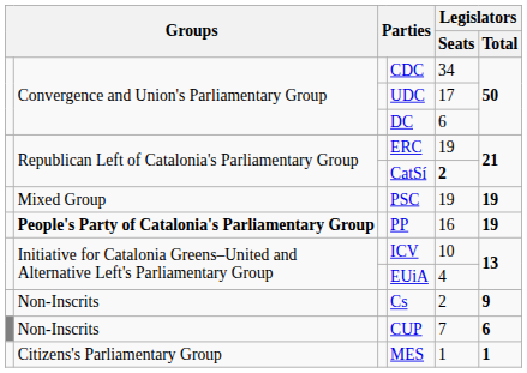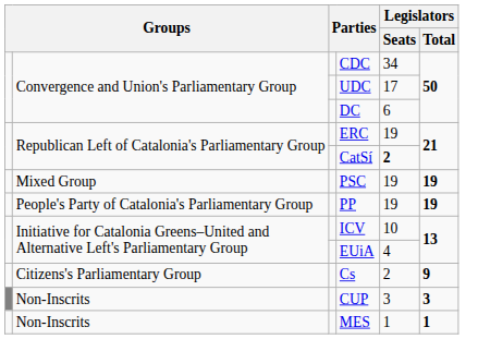 <table class="wikitable" style="text-align:left;">
 <tr>
 <th rowspan="2" colspan="2">Groups</th>
 <th rowspan="2" colspan="2">Parties</th>
 <th colspan="2">Legislators</th>
 </tr>
 <tr>
 <th>Seats</th>
 <th>Total</th>
 </tr>
 <tr>
 <td width="1" rowspan="3"></td>
 <td rowspan="3">Convergence and Union's Parliamentary Group</td>
 <td width="1" style="color:inherit;background:"></td>
 <td align="left"><a href='#'>CDC</a></td>
 <td>34</td>
 <td rowspan="3"><strong>50</strong></td>
 </tr>
 <tr>
 <td style="color:inherit;background:"></td>
 <td align="left"><a href='#'>UDC</a></td>
 <td>17</td>
 </tr>
 <tr>
 <td style="color:inherit;background:"></td>
 <td align="left"><a href='#'>DC</a></td>
 <td>6</td>
 </tr>
 <tr>
 <td rowspan="2" style="color:inherit;background:"></td>
 <td rowspan="2">Republican Left of Catalonia's Parliamentary Group</td>
 <td style="color:inherit;background:"></td>
 <td align="left"><a href='#'>ERC</a></td>
 <td>19</td>
 <td rowspan="2"><strong>21</strong></td>
 </tr>
 <tr>
 <td style="color:inherit;background:"></td>
 <td align="left"><a href='#'>CatSí</a></td>
 <td><strong>2</strong></td>
 </tr>
 <tr>
 <td style="color:inherit;background:"></td>
 <td>Mixed Group</td>
 <td style="color:inherit;background:"></td>
 <td align="left"><a href='#'>PSC</a></td>
 <td>19</td>
 <td><strong>19</strong></td>
 </tr>
 <tr>
 <td style="color:inherit;background:"></td>
-<td><strong>People's Party of Catalonia's Parliamentary Group</strong></td>
+<td>People's Party of Catalonia's Parliamentary Group</td>
 <td style="color:inherit;background:"></td>
 <td align="left"><a href='#'>PP</a></td>
-<td>16</td>
+<td>19</td>
 <td><strong>19</strong></td>
 </tr>
 <tr>
 <td rowspan="2" style="color:inherit;background:"></td>
 <td rowspan="2">Initiative for Catalonia Greens–United and<br>Alternative Left's Parliamentary Group</td>
 <td style="color:inherit;background:"></td>
 <td align="left"><a href='#'>ICV</a></td>
 <td>10</td>
 <td rowspan="2"><strong>13</strong></td>
 </tr>
 <tr>
 <td style="color:inherit;background:"></td>
 <td align="left"><a href='#'>EUiA</a></td>
 <td>4</td>
 </tr>
 <tr>
 <td style="color:inherit;background:"></td>
-<td>Non-Inscrits</td>
+<td>Citizens's Parliamentary Group</td>
 <td style="color:inherit;background:"></td>
 <td align="left"><a href='#'>Cs</a></td>
 <td>2</td>
 <td><strong>9</strong></td>
 </tr>
 <tr>
 <td bgcolor="gray"></td>
 <td>Non-Inscrits</td>
 <td style="color:inherit;background:"></td>
 <td align="left"><a href='#'>CUP</a></td>
-<td>7</td>
-<td><strong>6</strong></td>
+<td>3</td>
+<td><strong>3</strong></td>
 </tr>
 <tr>
 <td style="color:inherit;background:"></td>
-<td>Citizens's Parliamentary Group</td>
+<td>Non-Inscrits</td>
 <td style="color:inherit;background:"></td>
 <td align="left"><a href='#'>MES</a></td>
 <td>1</td>
 <td><strong>1</strong></td>
 </tr>
 </table>
